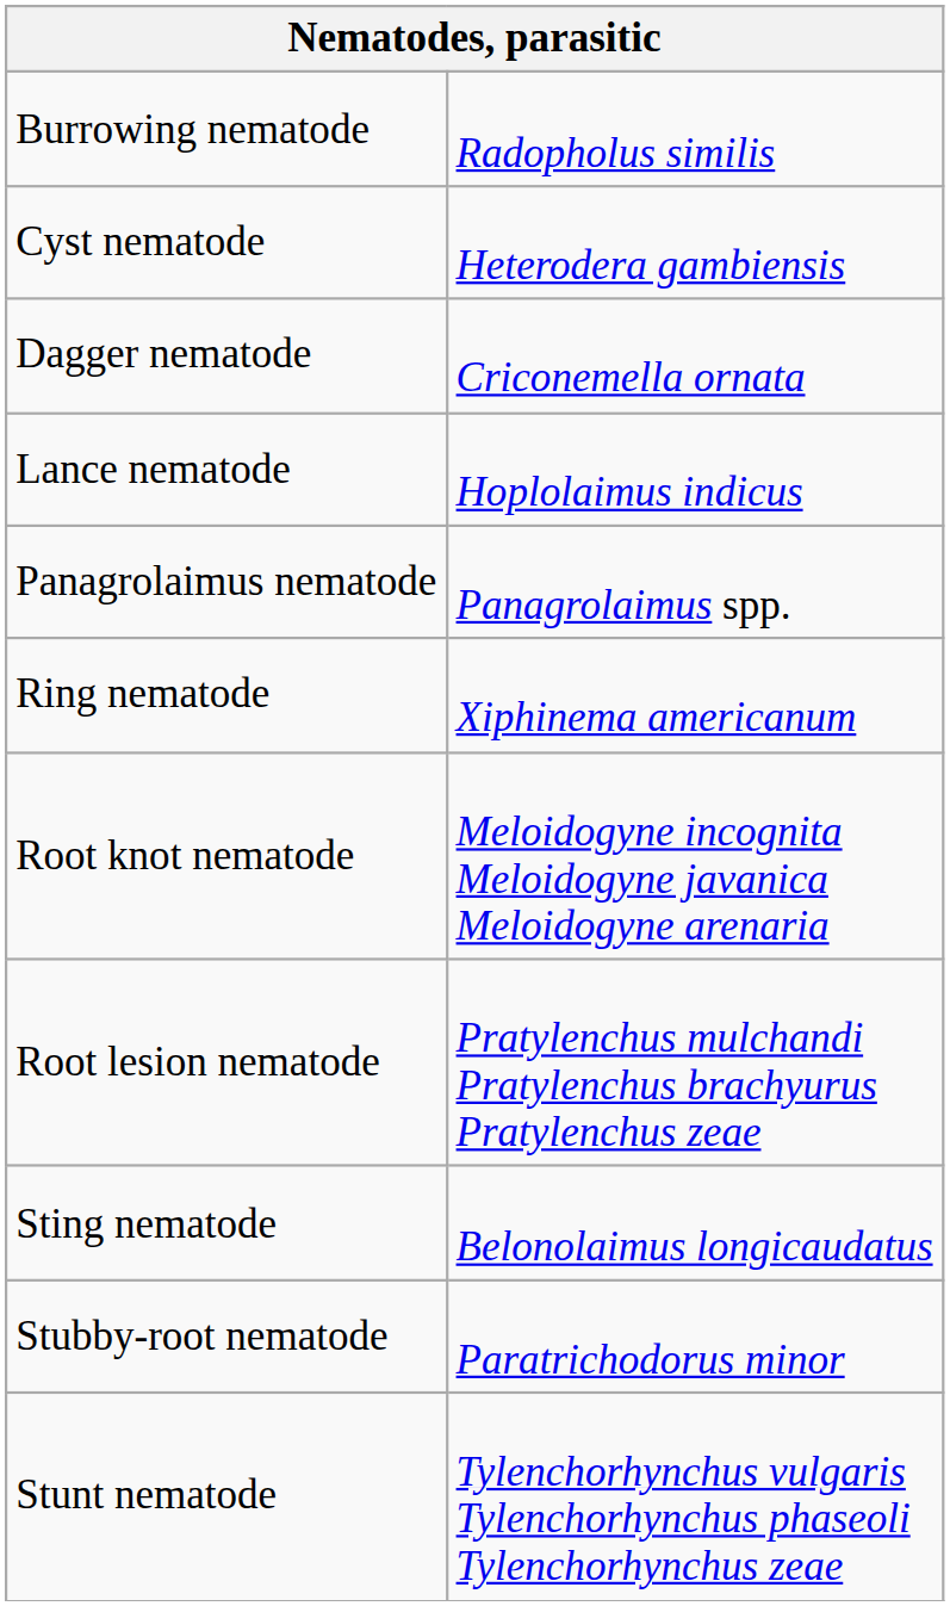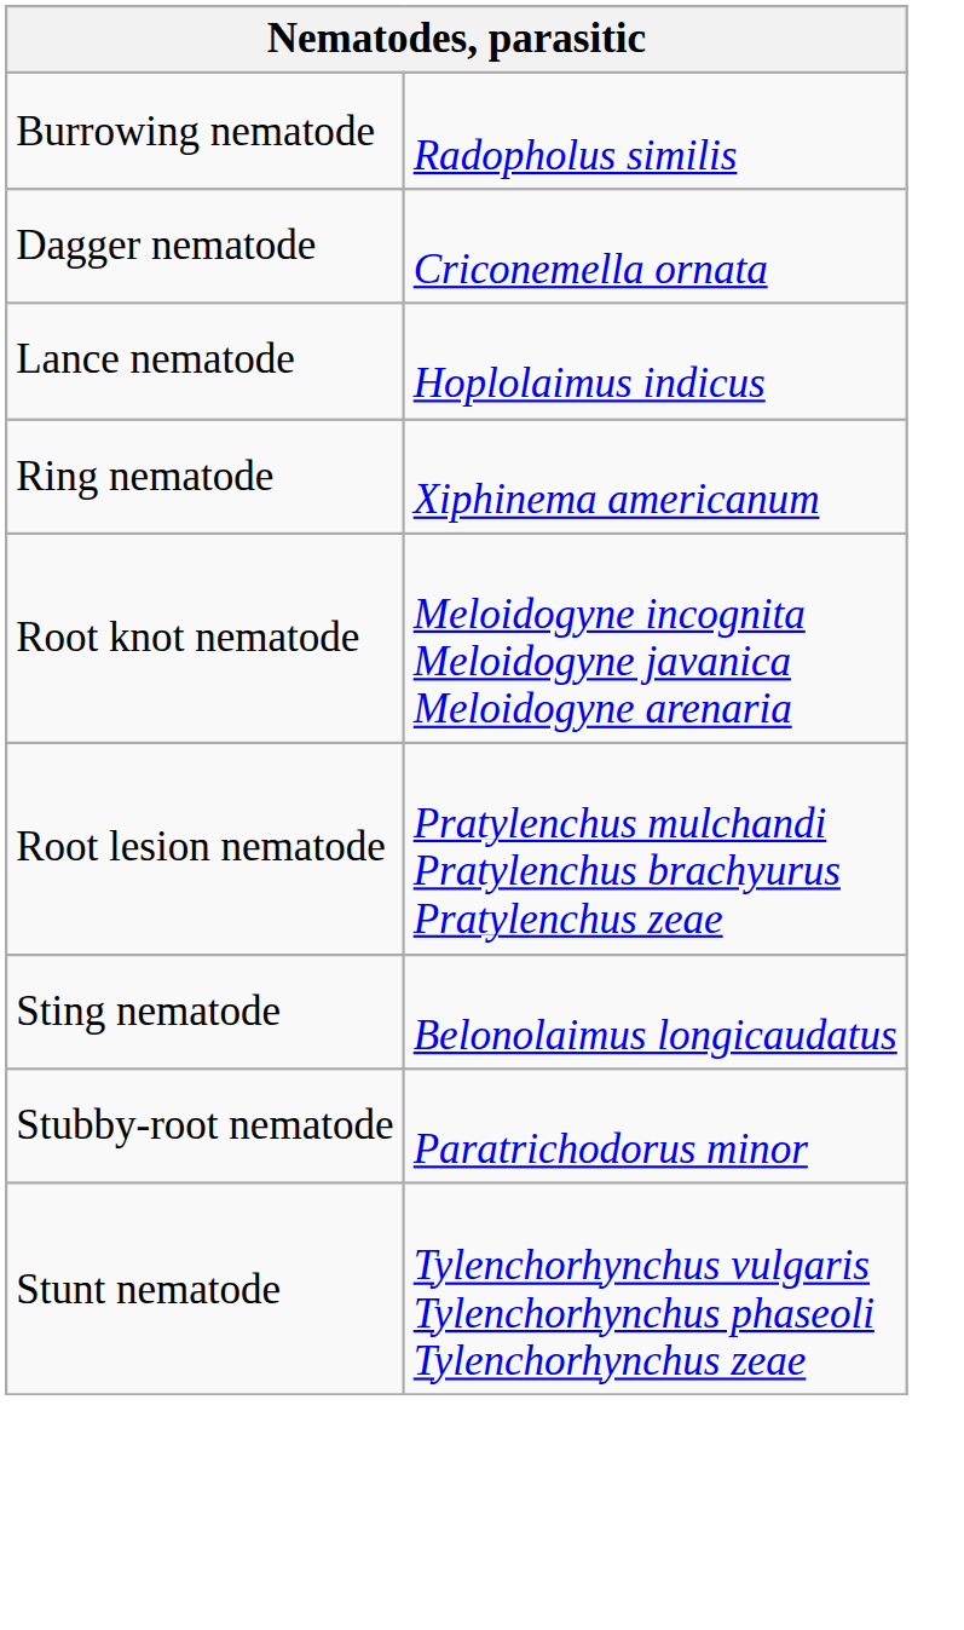 <table class="wikitable" style="clear">
 <tr>
 <th colspan=2><strong>Nematodes, parasitic</strong><br></th>
 </tr>
 <tr>
 <td>Burrowing nematode</td>
 <td><br><em><a href='#'>Radopholus similis</a></em></td>
 </tr>
 <tr>
-<td>Cyst nematode</td>
-<td><br><em><a href='#'>Heterodera gambiensis</a></em></td>
-</tr>
-<tr>
 <td>Dagger nematode</td>
 <td><br><em><a href='#'>Criconemella ornata</a></em></td>
 </tr>
 <tr>
 <td>Lance nematode</td>
 <td><br><em><a href='#'>Hoplolaimus indicus</a></em></td>
-</tr>
-<tr>
-<td>Panagrolaimus nematode</td>
-<td><br><em><a href='#'>Panagrolaimus</a></em> spp.</td>
 </tr>
 <tr>
 <td>Ring nematode</td>
 <td><br><em><a href='#'>Xiphinema americanum</a></em></td>
 </tr>
 <tr>
 <td>Root knot nematode</td>
 <td><br><em><a href='#'>Meloidogyne incognita</a></em><br> <em><a href='#'>Meloidogyne javanica</a></em><br> <em><a href='#'>Meloidogyne arenaria</a></em></td>
 </tr>
 <tr>
 <td>Root lesion nematode</td>
 <td><br><em><a href='#'>Pratylenchus mulchandi</a></em><br> <em><a href='#'>Pratylenchus brachyurus</a></em><br> <em><a href='#'>Pratylenchus zeae</a></em></td>
 </tr>
 <tr>
 <td>Sting nematode</td>
 <td><br><em><a href='#'>Belonolaimus longicaudatus</a></em></td>
 </tr>
 <tr>
 <td>Stubby-root nematode</td>
 <td><br><em><a href='#'>Paratrichodorus minor</a></em></td>
 </tr>
 <tr>
 <td>Stunt nematode</td>
 <td><br><em><a href='#'>Tylenchorhynchus vulgaris</a></em><br> <em><a href='#'>Tylenchorhynchus phaseoli</a></em><br> <em><a href='#'>Tylenchorhynchus zeae</a></em></td>
 </tr>
 <tr>
 </tr>
 </table>
